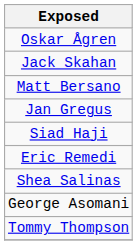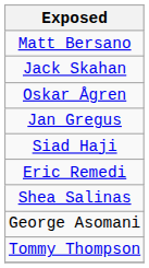 <table class="wikitable" style="text-align:center">
 <tr>
 <th>Exposed</th>
 </tr>
 <tr>
-<td><a href='#'>Oskar Ågren</a></td>
+<td><a href='#'>Matt Bersano</a></td>
 </tr>
 <tr>
 <td><a href='#'>Jack Skahan</a></td>
 </tr>
 <tr>
-<td><a href='#'>Matt Bersano</a></td>
+<td><a href='#'>Oskar Ågren</a></td>
 </tr>
 <tr>
 <td><a href='#'>Jan Gregus</a></td>
 </tr>
 <tr>
 <td><a href='#'>Siad Haji</a></td>
 </tr>
 <tr>
 <td><a href='#'>Eric Remedi</a></td>
 </tr>
 <tr>
 <td><a href='#'>Shea Salinas</a></td>
 </tr>
 <tr>
 <td>George Asomani</td>
 </tr>
 <tr>
 <td><a href='#'>Tommy Thompson</a></td>
 </tr>
 <tr>
 </tr>
 </table>
